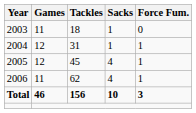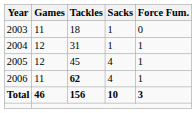 <table class="wikitable">
 <tr>
 <th>Year</th>
 <th>Games</th>
 <th>Tackles</th>
 <th>Sacks</th>
 <th>Force Fum.</th>
 </tr>
 <tr>
 <td>2003</td>
 <td>11</td>
 <td>18</td>
 <td>1</td>
 <td>0</td>
 </tr>
 <tr>
 <td>2004</td>
 <td>12</td>
 <td>31</td>
 <td>1</td>
 <td>1</td>
 </tr>
 <tr>
 <td>2005</td>
 <td>12</td>
 <td>45</td>
 <td>4</td>
 <td>1</td>
 </tr>
 <tr>
 <td>2006</td>
 <td>11</td>
-<td>62</td>
+<td><strong>62</strong></td>
 <td>4</td>
 <td>1</td>
 </tr>
 <tr>
 <td><strong>Total</strong></td>
 <td><strong>46</strong></td>
 <td><strong>156</strong></td>
 <td><strong>10</strong></td>
 <td><strong>3</strong></td>
 </tr>
 <tr>
 <td></td>
 </tr>
 </table>
